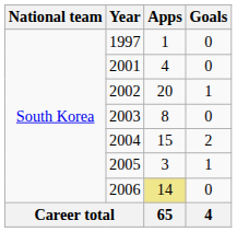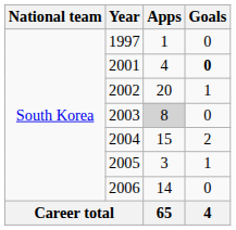 <table class="wikitable" style="text-align:center">
 <tr>
 <th>National team</th>
 <th>Year</th>
 <th>Apps</th>
 <th>Goals</th>
 </tr>
 <tr>
 <td rowspan="7"><a href='#'>South Korea</a></td>
 <td>1997</td>
 <td>1</td>
 <td>0</td>
 </tr>
 <tr>
 <td>2001</td>
 <td>4</td>
-<td>0</td>
+<td><strong>0</strong></td>
 </tr>
 <tr>
 <td>2002</td>
 <td>20</td>
 <td>1</td>
 </tr>
 <tr>
 <td>2003</td>
-<td>8</td>
+<td style="background: lightgrey;">8</td>
 <td>0</td>
 </tr>
 <tr>
 <td>2004</td>
 <td>15</td>
 <td>2</td>
 </tr>
 <tr>
 <td>2005</td>
 <td>3</td>
 <td>1</td>
 </tr>
 <tr>
 <td>2006</td>
-<td style="background: khaki;">14</td>
+<td>14</td>
 <td>0</td>
 </tr>
 <tr>
 <th colspan="2">Career total</th>
 <th>65</th>
 <th>4</th>
 </tr>
 </table>
